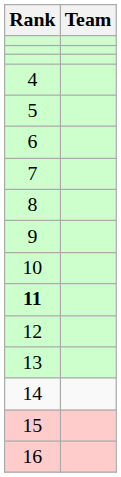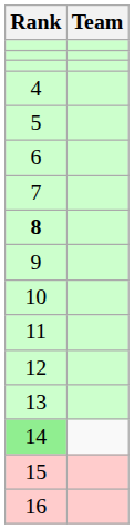 <table class=wikitable style="text-align: center;">
 <tr>
 <th>Rank</th>
 <th>Team</th>
 </tr>
 <tr bgcolor=ccffcc>
 <td></td>
 <td align=left></td>
 </tr>
 <tr bgcolor=ccffcc>
 <td></td>
 <td align=left></td>
 </tr>
 <tr bgcolor=ccffcc>
 <td></td>
 <td align=left></td>
 </tr>
 <tr bgcolor=ccffcc>
 <td>4</td>
 <td align=left></td>
 </tr>
 <tr bgcolor=ccffcc>
 <td>5</td>
 <td align=left></td>
 </tr>
 <tr bgcolor=ccffcc>
 <td>6</td>
 <td align=left></td>
 </tr>
 <tr bgcolor=ccffcc>
 <td>7</td>
 <td align=left></td>
 </tr>
 <tr bgcolor=ccffcc>
-<td>8</td>
+<td><strong>8</strong></td>
 <td align=left></td>
 </tr>
 <tr bgcolor=ccffcc>
 <td>9</td>
 <td align=left></td>
 </tr>
 <tr bgcolor=ccffcc>
 <td>10</td>
 <td align=left></td>
 </tr>
 <tr bgcolor=ccffcc>
-<td><strong>11</strong></td>
+<td>11</td>
 <td align=left></td>
 </tr>
 <tr bgcolor=ccffcc>
 <td>12</td>
 <td align=left></td>
 </tr>
 <tr bgcolor=ccffcc>
 <td>13</td>
 <td align=left></td>
 </tr>
 <tr>
-<td>14</td>
+<td style="background: lightgreen;">14</td>
 <td align=left></td>
 </tr>
 <tr bgcolor=ffcccc>
 <td>15</td>
 <td align=left></td>
 </tr>
 <tr bgcolor=ffcccc>
 <td>16</td>
 <td align=left></td>
 </tr>
 </table>
